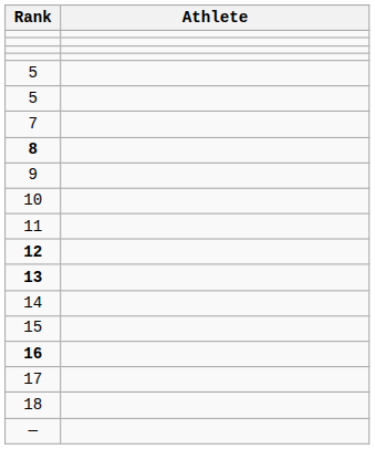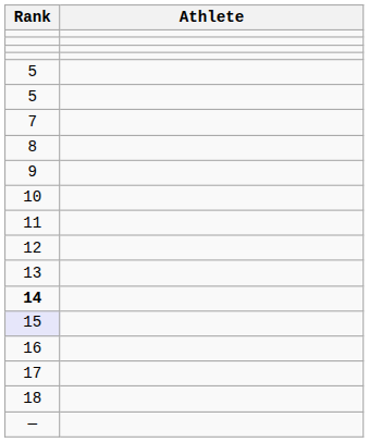 <table class="wikitable" style="text-align: center;">
 <tr>
 <th width=40>Rank</th>
 <th width=250>Athlete</th>
 </tr>
 <tr>
 <td></td>
 <td align="left"></td>
 </tr>
 <tr>
 <td></td>
 <td align="left"></td>
 </tr>
 <tr>
 <td></td>
 <td align="left"></td>
 </tr>
 <tr>
 <td></td>
 <td align="left"></td>
 </tr>
 <tr>
 <td>5</td>
 <td align="left"></td>
 </tr>
 <tr>
 <td>5</td>
 <td align="left"></td>
 </tr>
 <tr>
 <td>7</td>
 <td align="left"></td>
 </tr>
 <tr>
-<td><strong>8</strong></td>
+<td>8</td>
 <td align="left"></td>
 </tr>
 <tr>
 <td>9</td>
 <td align="left"></td>
 </tr>
 <tr>
 <td>10</td>
 <td align="left"></td>
 </tr>
 <tr>
 <td>11</td>
 <td align="left"></td>
 </tr>
 <tr>
-<td><strong>12</strong></td>
+<td>12</td>
 <td align="left"></td>
 </tr>
 <tr>
-<td><strong>13</strong></td>
+<td>13</td>
 <td align="left"></td>
 </tr>
 <tr>
-<td>14</td>
+<td><strong>14</strong></td>
 <td align="left"></td>
 </tr>
 <tr>
-<td>15</td>
+<td style="background: lavender;">15</td>
 <td align="left"></td>
 </tr>
 <tr>
-<td><strong>16</strong></td>
+<td>16</td>
 <td align="left"></td>
 </tr>
 <tr>
 <td>17</td>
 <td align="left"></td>
 </tr>
 <tr>
 <td>18</td>
 <td align="left"></td>
 </tr>
 <tr>
 <td>—</td>
 <td align="left"></td>
 </tr>
 </table>
